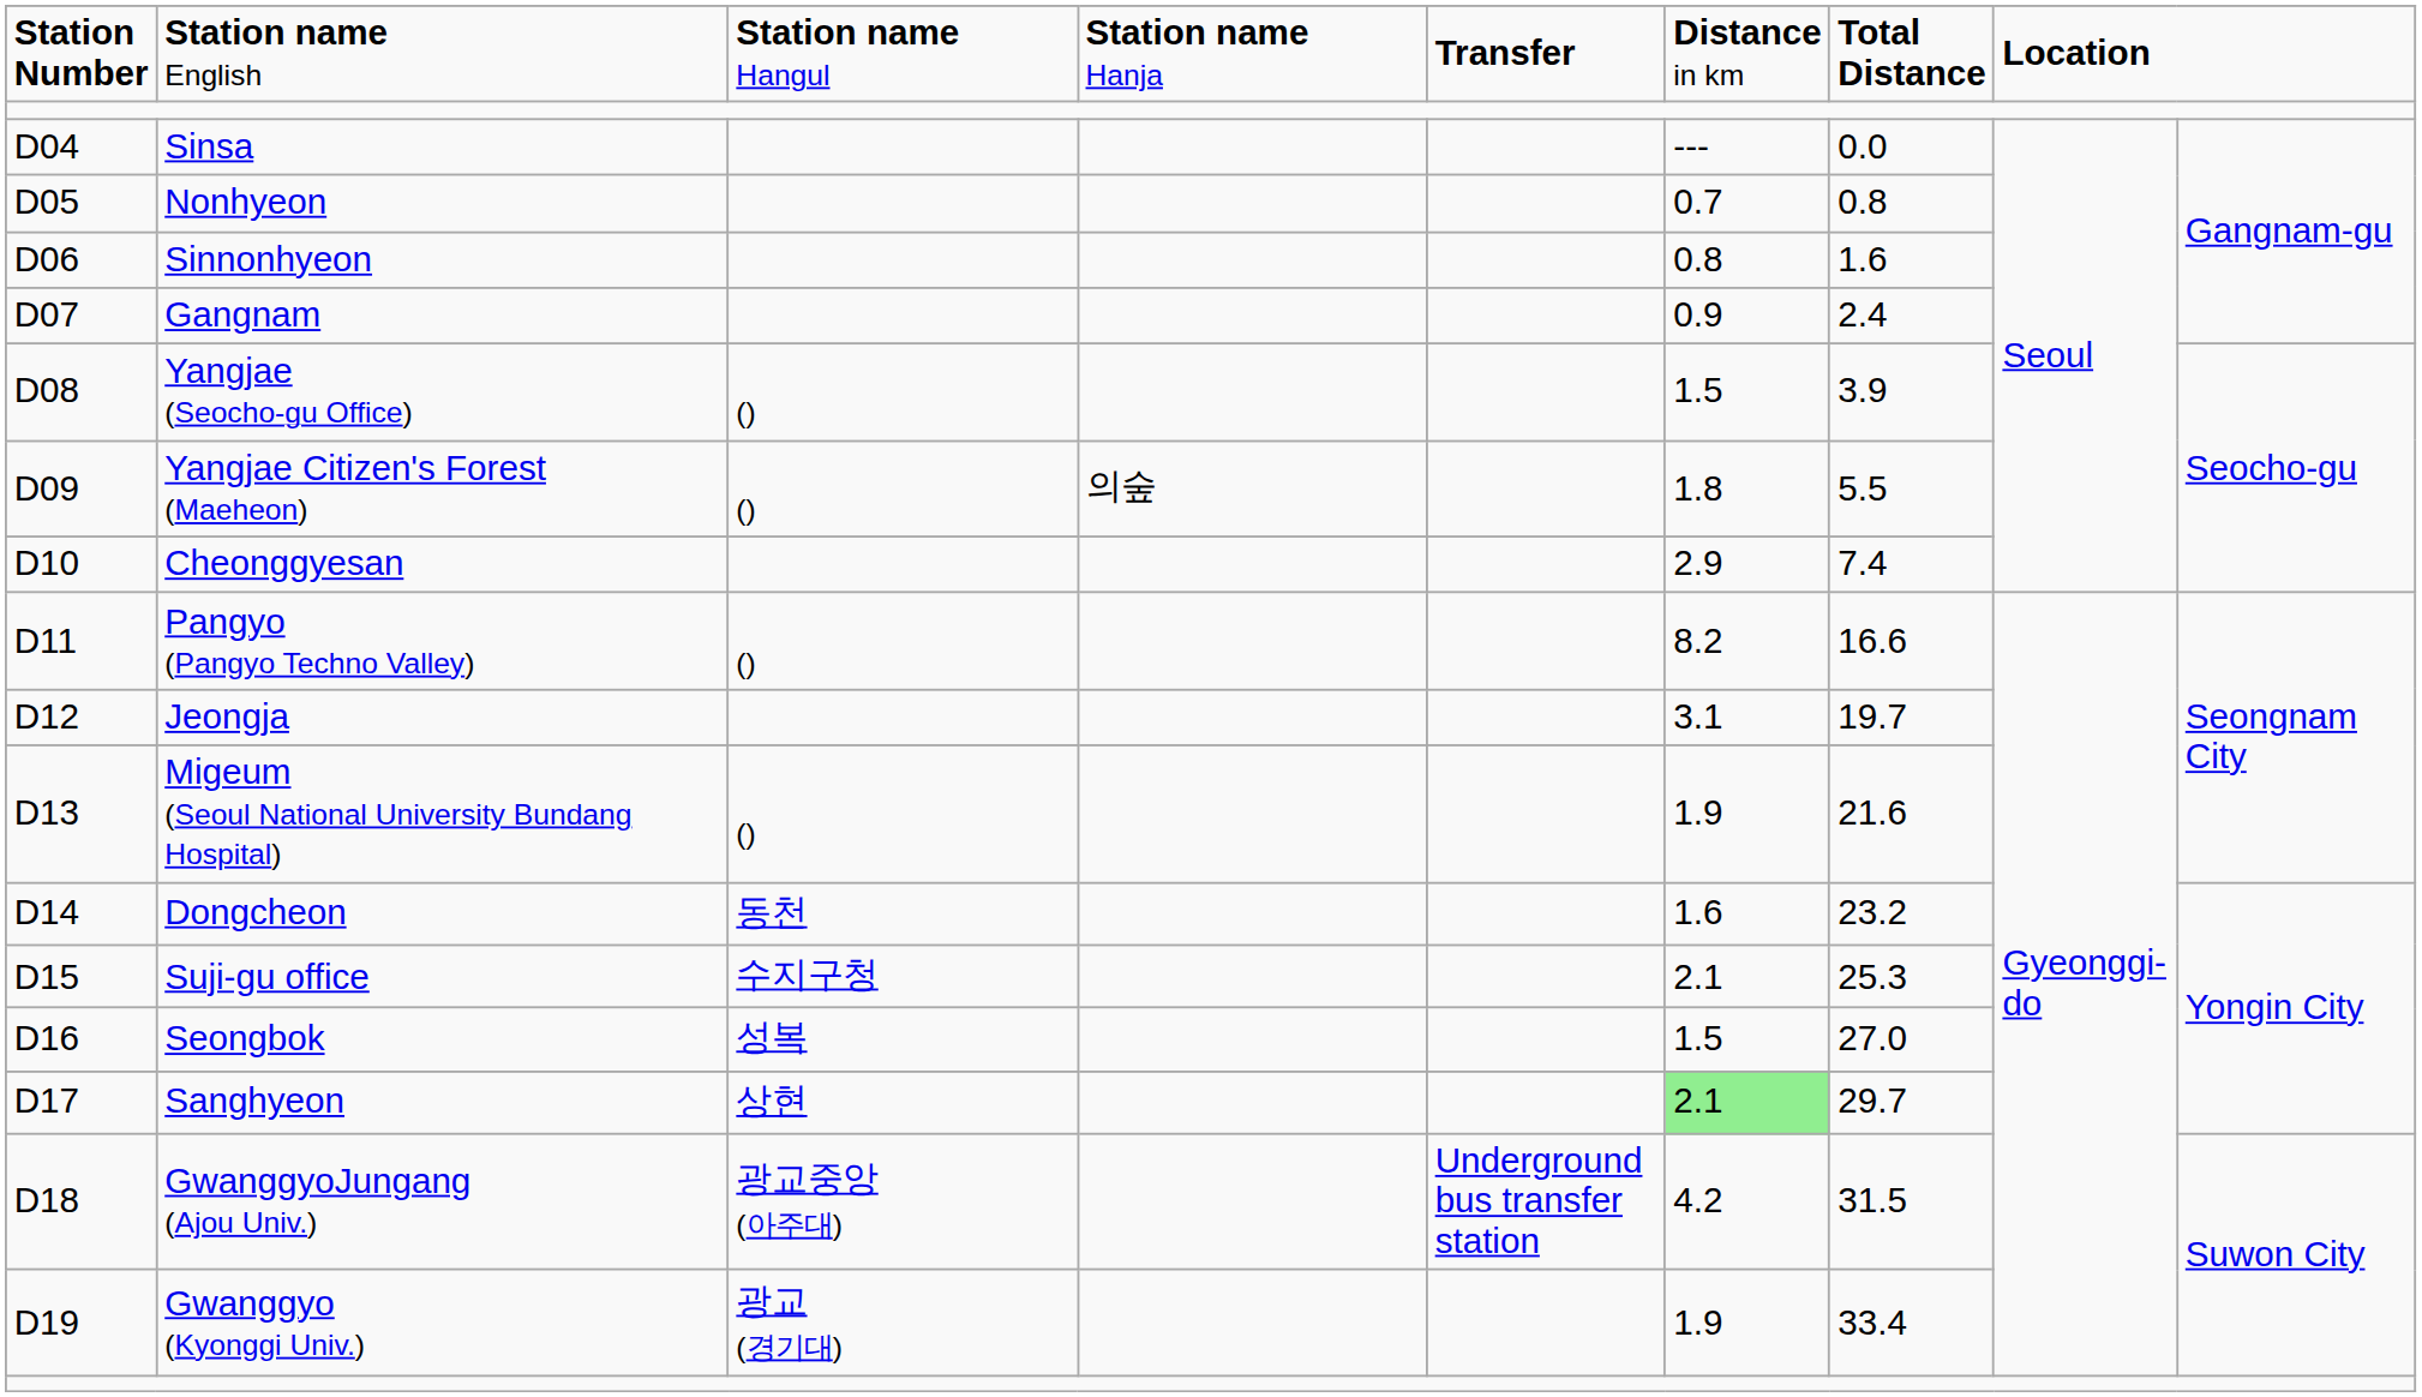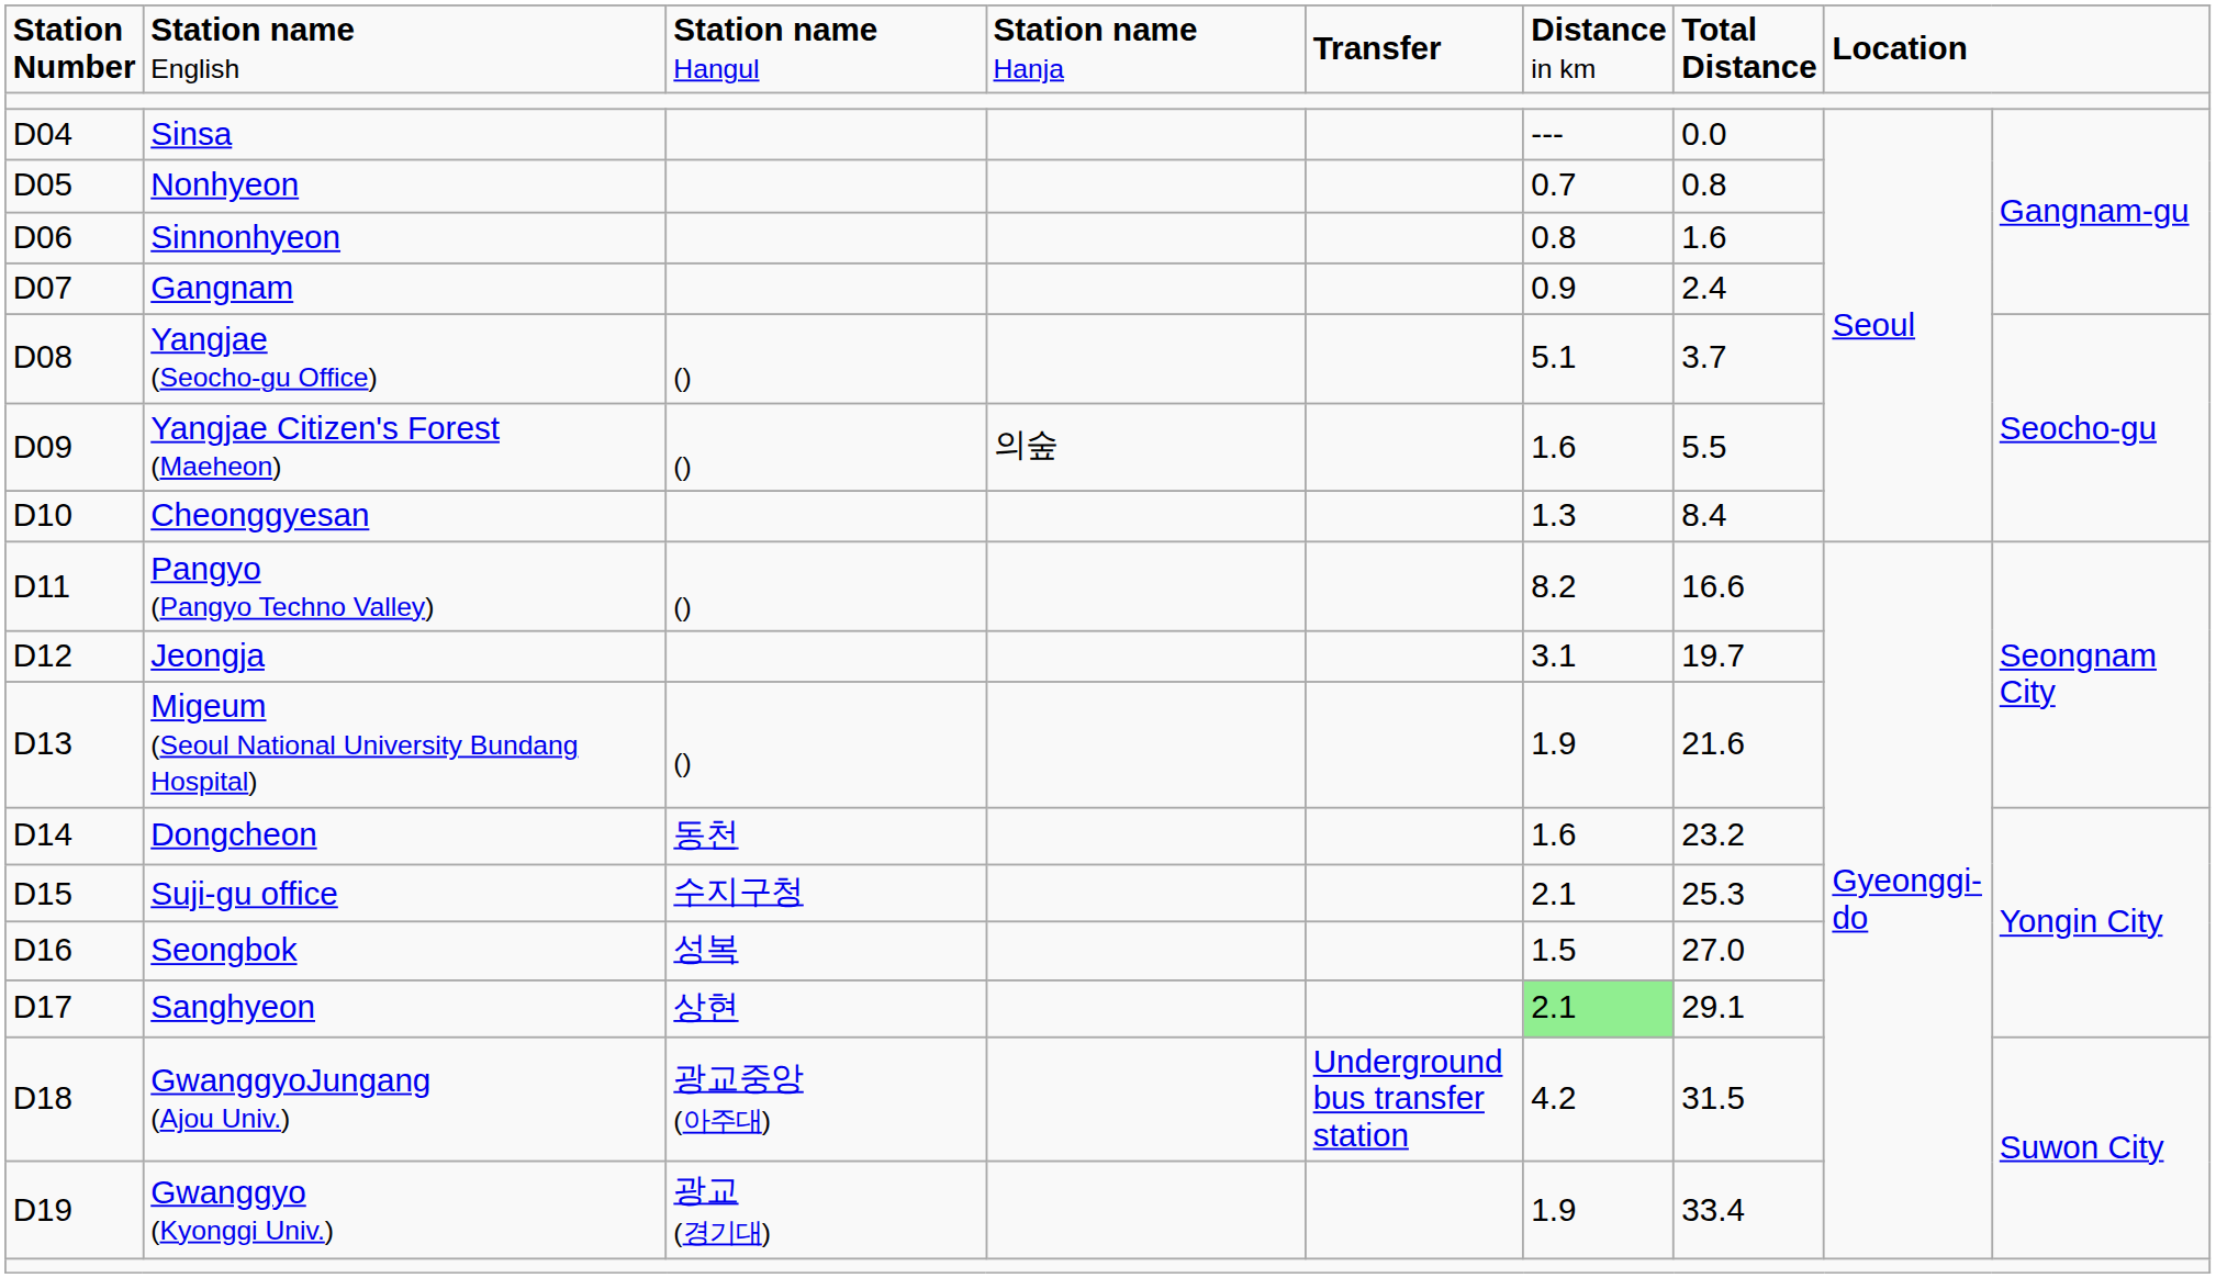 <table class="wikitable">
 <tr>
 <td><div><strong>Station<br>Number</strong></div></td>
 <td width="250"><div><strong>Station name</strong><br><small>English</small></div></td>
 <td width="150"><div><strong>Station name</strong><br><small><a href='#'>Hangul</a></small></div></td>
 <td width="150"><div><strong>Station name</strong><br><small><a href='#'>Hanja</a></small></div></td>
 <td width="100"><div><strong>Transfer</strong></div></td>
 <td><div><strong>Distance</strong><br><small>in km</small></div></td>
 <td><div><strong>Total<br>Distance</strong></div></td>
 <td colspan = "2"><div><strong>Location</strong></div></td>
 </tr>
 <tr style="background:#">
 <td colspan = "10"></td>
 </tr>
 <tr>
 <td><div>D04</div></td>
 <td><a href='#'>Sinsa</a></td>
 <td></td>
 <td></td>
 <td></td>
 <td><div>---</div></td>
 <td><div>0.0</div></td>
 <td width="75" rowspan="7"><div><a href='#'>Seoul</a></div></td>
 <td width="100" rowspan="4"><div><a href='#'>Gangnam-gu</a></div></td>
 </tr>
 <tr>
 <td><div>D05</div></td>
 <td><a href='#'>Nonhyeon</a></td>
 <td></td>
 <td></td>
 <td></td>
 <td><div>0.7</div></td>
 <td><div>0.8</div></td>
 </tr>
 <tr>
 <td><div>D06</div></td>
 <td><a href='#'>Sinnonhyeon</a></td>
 <td></td>
 <td></td>
 <td></td>
 <td><div>0.8</div></td>
 <td><div>1.6</div></td>
 </tr>
 <tr>
 <td><div>D07</div></td>
 <td><a href='#'>Gangnam</a></td>
 <td></td>
 <td></td>
 <td></td>
 <td><div>0.9</div></td>
 <td><div>2.4</div></td>
 </tr>
 <tr>
 <td><div>D08</div></td>
 <td><a href='#'>Yangjae</a><br><small>(<a href='#'>Seocho-gu Office</a>)</small></td>
 <td><br><small>()</small></td>
 <td></td>
 <td></td>
-<td><div>1.5</div></td>
-<td><div>3.9</div></td>
+<td><div>5.1</div></td>
+<td><div>3.7</div></td>
 <td width="100" rowspan="3"><div><a href='#'>Seocho-gu</a></div></td>
 </tr>
 <tr>
 <td><div>D09</div></td>
 <td><a href='#'>Yangjae Citizen's Forest</a><br><small>(<a href='#'>Maeheon</a>)</small></td>
 <td><br><small>()</small></td>
 <td>의숲</td>
 <td></td>
-<td><div>1.8</div></td>
+<td><div>1.6</div></td>
 <td><div>5.5</div></td>
 </tr>
 <tr>
 <td><div>D10</div></td>
 <td><a href='#'>Cheonggyesan</a></td>
 <td></td>
 <td></td>
 <td></td>
-<td><div>2.9</div></td>
-<td><div>7.4</div></td>
+<td><div>1.3</div></td>
+<td><div>8.4</div></td>
 </tr>
 <tr>
 <td><div>D11</div></td>
 <td><a href='#'>Pangyo</a><br><small>(<a href='#'>Pangyo Techno Valley</a>)</small></td>
 <td><br><small>()</small></td>
 <td></td>
 <td><br></td>
 <td><div>8.2</div></td>
 <td><div>16.6</div></td>
 <td width="75" rowspan="9"><div><a href='#'>Gyeonggi-do</a></div></td>
 <td width="75" rowspan="3"><div><a href='#'>Seongnam City</a></div></td>
 </tr>
 <tr>
 <td><div>D12</div></td>
 <td><a href='#'>Jeongja</a></td>
 <td></td>
 <td></td>
 <td></td>
 <td><div>3.1</div></td>
 <td><div>19.7</div></td>
 </tr>
 <tr>
 <td><div>D13</div></td>
 <td><a href='#'>Migeum</a><br><small>(<a href='#'>Seoul National University Bundang Hospital</a>)</small></td>
 <td><br><small>()</small></td>
 <td></td>
 <td></td>
 <td><div>1.9</div></td>
 <td><div>21.6</div></td>
 </tr>
 <tr>
 <td><div>D14</div></td>
 <td><a href='#'>Dongcheon</a><br></td>
 <td><a href='#'>동천</a></td>
 <td></td>
 <td></td>
 <td><div>1.6</div></td>
 <td><div>23.2</div></td>
 <td width="100" rowspan="4"><div><a href='#'>Yongin City</a></div></td>
 </tr>
 <tr>
 <td><div>D15</div></td>
 <td><a href='#'>Suji-gu office</a><br></td>
 <td><a href='#'>수지구청</a></td>
 <td></td>
 <td></td>
 <td><div>2.1</div></td>
 <td><div>25.3</div></td>
 </tr>
 <tr>
 <td><div>D16</div></td>
 <td><a href='#'>Seongbok</a><br></td>
 <td><a href='#'>성복</a></td>
 <td></td>
 <td></td>
 <td><div>1.5</div></td>
 <td><div>27.0</div></td>
 </tr>
 <tr>
 <td><div>D17</div></td>
 <td><a href='#'>Sanghyeon</a><br></td>
 <td><a href='#'>상현</a></td>
 <td></td>
 <td></td>
 <td style="background: lightgreen;"><div>2.1</div></td>
-<td><div>29.7</div></td>
+<td><div>29.1</div></td>
 </tr>
 <tr>
 <td><div>D18</div></td>
 <td><a href='#'>GwanggyoJungang</a> <br><small>(<a href='#'>Ajou Univ.</a>)</small> <br></td>
 <td><a href='#'>광교중앙</a><br><small>(<a href='#'>아주대</a>)</small></td>
 <td></td>
 <td><a href='#'>Underground bus transfer station</a></td>
 <td><div>4.2</div></td>
 <td><div>31.5</div></td>
 <td width="100" rowspan="2"><div><a href='#'>Suwon City</a></div></td>
 </tr>
 <tr>
 <td><div>D19</div></td>
 <td><a href='#'>Gwanggyo</a><br><small>(<a href='#'>Kyonggi Univ.</a>)</small> <br></td>
 <td><a href='#'>광교</a><br><small>(<a href='#'>경기대</a>)</small></td>
 <td></td>
 <td></td>
 <td><div>1.9</div></td>
 <td><div>33.4</div></td>
 </tr>
 <tr style="background:#">
 <td colspan = "10"></td>
 </tr>
 </table>
